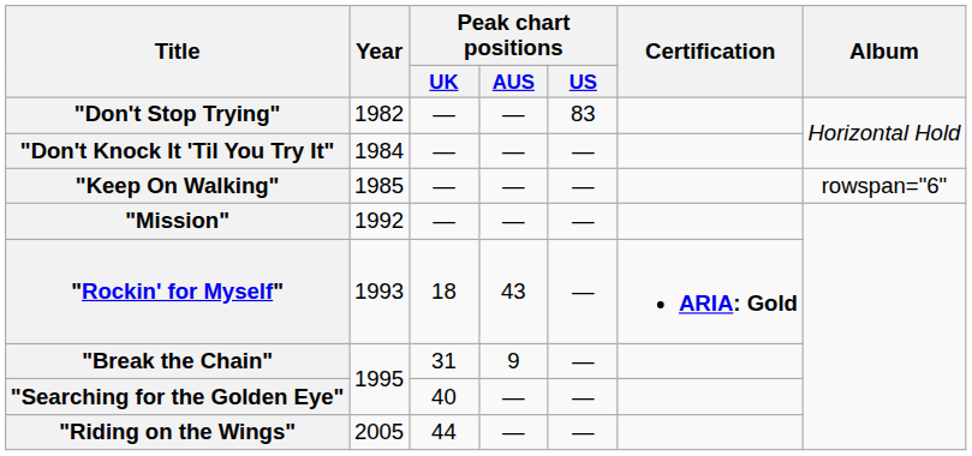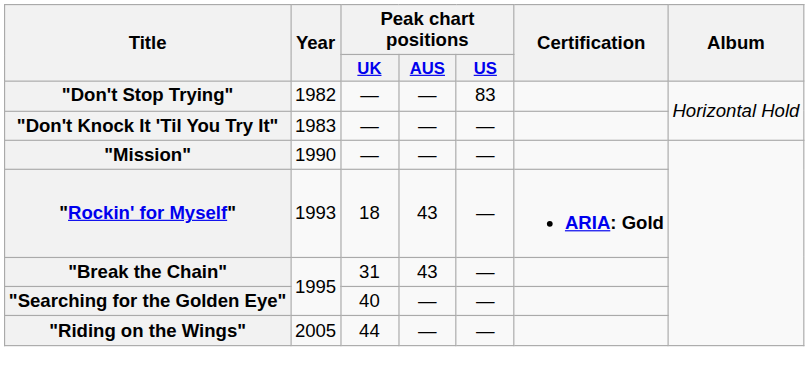 <table class="wikitable plainrowheaders" style="text-align:center;">
 <tr>
 <th scope="col" rowspan="2">Title</th>
 <th scope="col" rowspan="2">Year</th>
 <th scope="col" colspan="3">Peak chart positions</th>
 <th scope="col" rowspan="2">Certification</th>
 <th scope="col" rowspan="2">Album</th>
 </tr>
 <tr>
 <th scope="col" style="width:3em;font-size:90%;"><a href='#'>UK</a><br></th>
 <th scope="col" style="width:3em;font-size:90%;"><a href='#'>AUS</a><br></th>
 <th scope="col" style="width:3em;font-size:90%;"><a href='#'>US</a><br></th>
 </tr>
 <tr>
 <th scope="row">"Don't Stop Trying"<br></th>
 <td>1982</td>
 <td>—</td>
 <td>—</td>
 <td>83</td>
 <td></td>
 <td rowspan="2"><em>Horizontal Hold</em></td>
 </tr>
 <tr>
 <th scope="row">"Don't Knock It 'Til You Try It"<br></th>
-<td>1984</td>
+<td>1983</td>
 <td>—</td>
 <td>—</td>
 <td>—</td>
 <td></td>
 </tr>
 <tr>
-<th scope="row">"Keep On Walking"</th>
-<td>1985</td>
-<td>—</td>
-<td>—</td>
-<td>—</td>
-<td></td>
-<td>rowspan="6" </td>
-</tr>
-<tr>
 <th scope="row">"Mission"</th>
-<td>1992</td>
+<td>1990</td>
 <td>—</td>
 <td>—</td>
 <td>—</td>
 <td></td>
 </tr>
 <tr>
 <th scope="row">"<a href='#'>Rockin' for Myself</a>"<br></th>
 <td>1993</td>
 <td>18</td>
 <td>43</td>
 <td>—</td>
 <td><strong><br><ul><li><a href='#'>ARIA</a>: Gold</li></ul></strong></td>
 </tr>
 <tr>
 <th scope="row">"Break the Chain"</th>
 <td rowspan="2">1995</td>
 <td>31</td>
-<td>9</td>
+<td>43</td>
 <td>—</td>
 <td></td>
 </tr>
 <tr>
 <th scope="row">"Searching for the Golden Eye"<br></th>
 <td>40</td>
 <td>—</td>
 <td>—</td>
 <td></td>
 </tr>
 <tr>
 <th scope="row">"Riding on the Wings"<br></th>
 <td>2005</td>
 <td>44</td>
 <td>—</td>
 <td>—</td>
 <td></td>
 </tr>
 </table>
